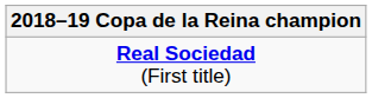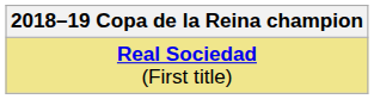 <table class=wikitable style="text-align:center; margin:auto">
 <tr>
 <th>2018–19 Copa de la Reina champion</th>
 </tr>
 <tr>
-<td><strong><a href='#'>Real Sociedad</a></strong> <br> (First title)</td>
+<td style="background: khaki;"><strong><a href='#'>Real Sociedad</a></strong> <br> (First title)</td>
 </tr>
 </table>
